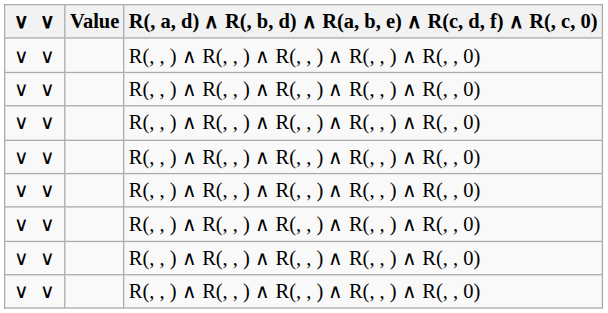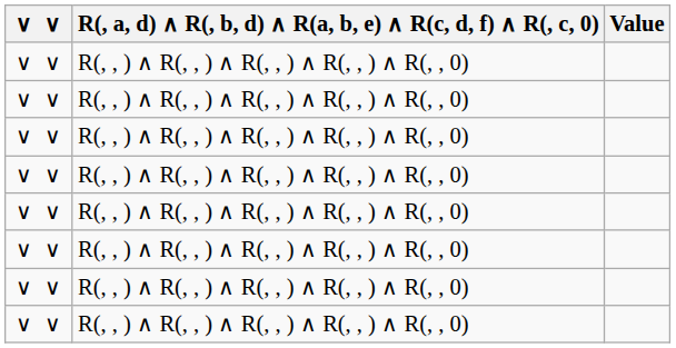 <table class="wikitable center">
 <tr>
 <th> ∨  ∨ </th>
+<th>R(, a, d) ∧ R(, b, d) ∧ R(a, b, e) ∧ R(c, d, f) ∧ R(, c, 0)</th>
 <th>Value</th>
-<th>R(, a, d) ∧ R(, b, d) ∧ R(a, b, e) ∧ R(c, d, f) ∧ R(, c, 0)</th>
 </tr>
 <tr>
 <td> ∨  ∨ </td>
+<td>R(, , ) ∧ R(, , ) ∧ R(, , ) ∧ R(, , ) ∧ R(, , 0)</td>
 <td></td>
-<td>R(, , ) ∧ R(, , ) ∧ R(, , ) ∧ R(, , ) ∧ R(, , 0)</td>
 </tr>
 <tr>
 <td> ∨  ∨ </td>
+<td>R(, , ) ∧ R(, , ) ∧ R(, , ) ∧ R(, , ) ∧ R(, , 0)</td>
 <td></td>
-<td>R(, , ) ∧ R(, , ) ∧ R(, , ) ∧ R(, , ) ∧ R(, , 0)</td>
 </tr>
 <tr>
 <td> ∨  ∨ </td>
+<td>R(, , ) ∧ R(, , ) ∧ R(, , ) ∧ R(, , ) ∧ R(, , 0)</td>
 <td></td>
-<td>R(, , ) ∧ R(, , ) ∧ R(, , ) ∧ R(, , ) ∧ R(, , 0)</td>
 </tr>
 <tr>
 <td> ∨  ∨ </td>
+<td>R(, , ) ∧ R(, , ) ∧ R(, , ) ∧ R(, , ) ∧ R(, , 0)</td>
 <td></td>
-<td>R(, , ) ∧ R(, , ) ∧ R(, , ) ∧ R(, , ) ∧ R(, , 0)</td>
 </tr>
 <tr>
 <td> ∨  ∨ </td>
+<td>R(, , ) ∧ R(, , ) ∧ R(, , ) ∧ R(, , ) ∧ R(, , 0)</td>
 <td></td>
-<td>R(, , ) ∧ R(, , ) ∧ R(, , ) ∧ R(, , ) ∧ R(, , 0)</td>
 </tr>
 <tr>
 <td> ∨  ∨ </td>
+<td>R(, , ) ∧ R(, , ) ∧ R(, , ) ∧ R(, , ) ∧ R(, , 0)</td>
 <td></td>
-<td>R(, , ) ∧ R(, , ) ∧ R(, , ) ∧ R(, , ) ∧ R(, , 0)</td>
 </tr>
 <tr>
 <td> ∨  ∨ </td>
+<td>R(, , ) ∧ R(, , ) ∧ R(, , ) ∧ R(, , ) ∧ R(, , 0)</td>
 <td></td>
-<td>R(, , ) ∧ R(, , ) ∧ R(, , ) ∧ R(, , ) ∧ R(, , 0)</td>
 </tr>
 <tr>
 <td> ∨  ∨ </td>
+<td>R(, , ) ∧ R(, , ) ∧ R(, , ) ∧ R(, , ) ∧ R(, , 0)</td>
 <td></td>
-<td>R(, , ) ∧ R(, , ) ∧ R(, , ) ∧ R(, , ) ∧ R(, , 0)</td>
 </tr>
 </table>
